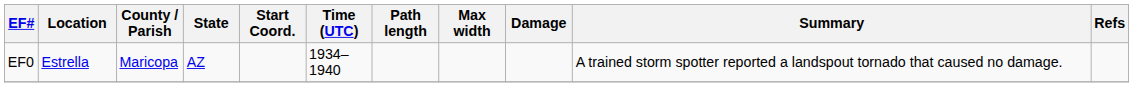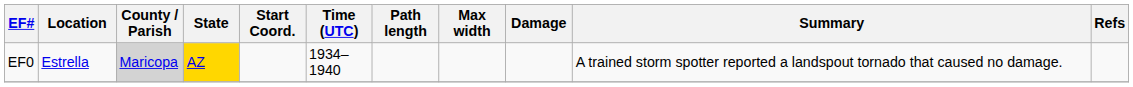 <table class="wikitable sortable" style="width:100%;">
 <tr>
 <th scope="col" width="3%" align="center"><a href='#'>EF#</a></th>
 <th scope="col" width="7%" align="center" class="unsortable">Location</th>
 <th scope="col" width="6%" align="center" class="unsortable">County / Parish</th>
 <th scope="col" width="5%" align="center">State</th>
 <th scope="col" width="6%" align="center">Start Coord.</th>
 <th scope="col" width="6%" align="center">Time (<a href='#'>UTC</a>)</th>
 <th scope="col" width="6%" align="center">Path length</th>
 <th scope="col" width="6%" align="center">Max width</th>
 <th scope="col" width="6%" align="center">Damage</th>
 <th scope="col" width="48%" class="unsortable" align="center">Summary</th>
 <th scope="col" width="48%" class="unsortable" align="center">Refs</th>
 </tr>
 <tr>
 <td>EF0</td>
 <td><a href='#'>Estrella</a></td>
-<td><a href='#'>Maricopa</a></td>
-<td><a href='#'>AZ</a></td>
+<td style="background: lightgrey;"><a href='#'>Maricopa</a></td>
+<td style="background: gold;"><a href='#'>AZ</a></td>
 <td></td>
 <td>1934–1940</td>
 <td></td>
 <td></td>
 <td></td>
 <td>A trained storm spotter reported a landspout tornado that caused no damage.</td>
 <td></td>
 </tr>
 <tr>
 </tr>
 </table>
